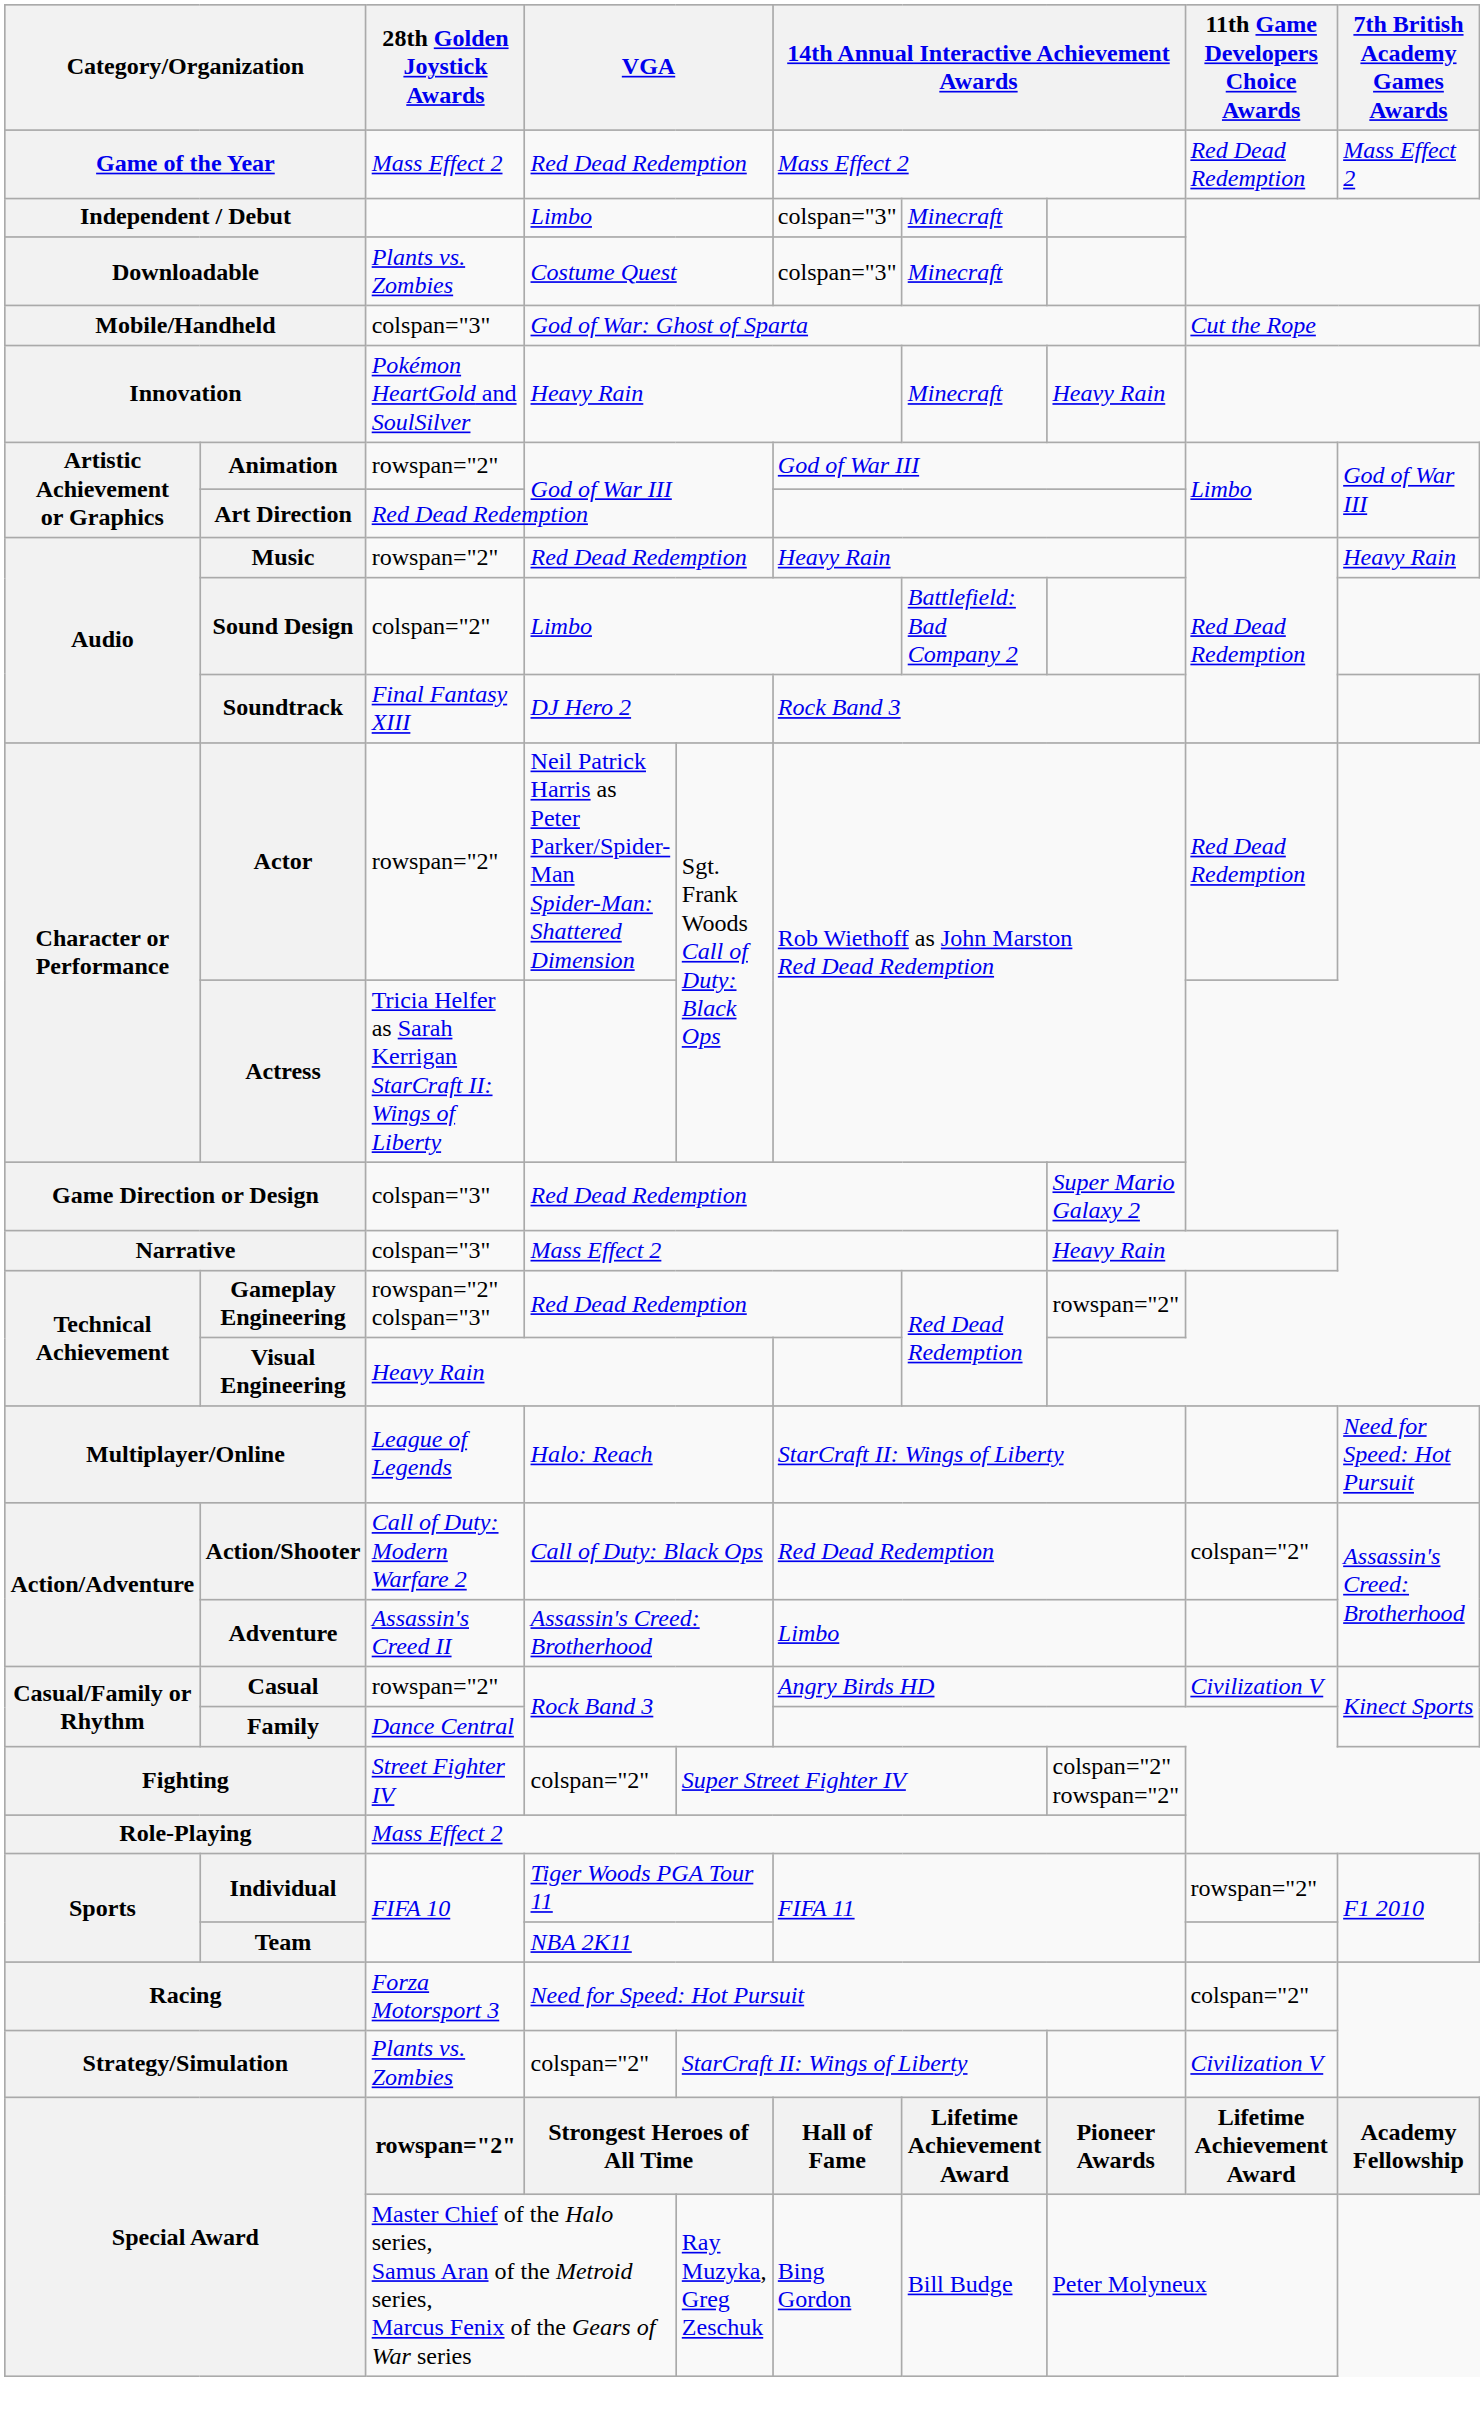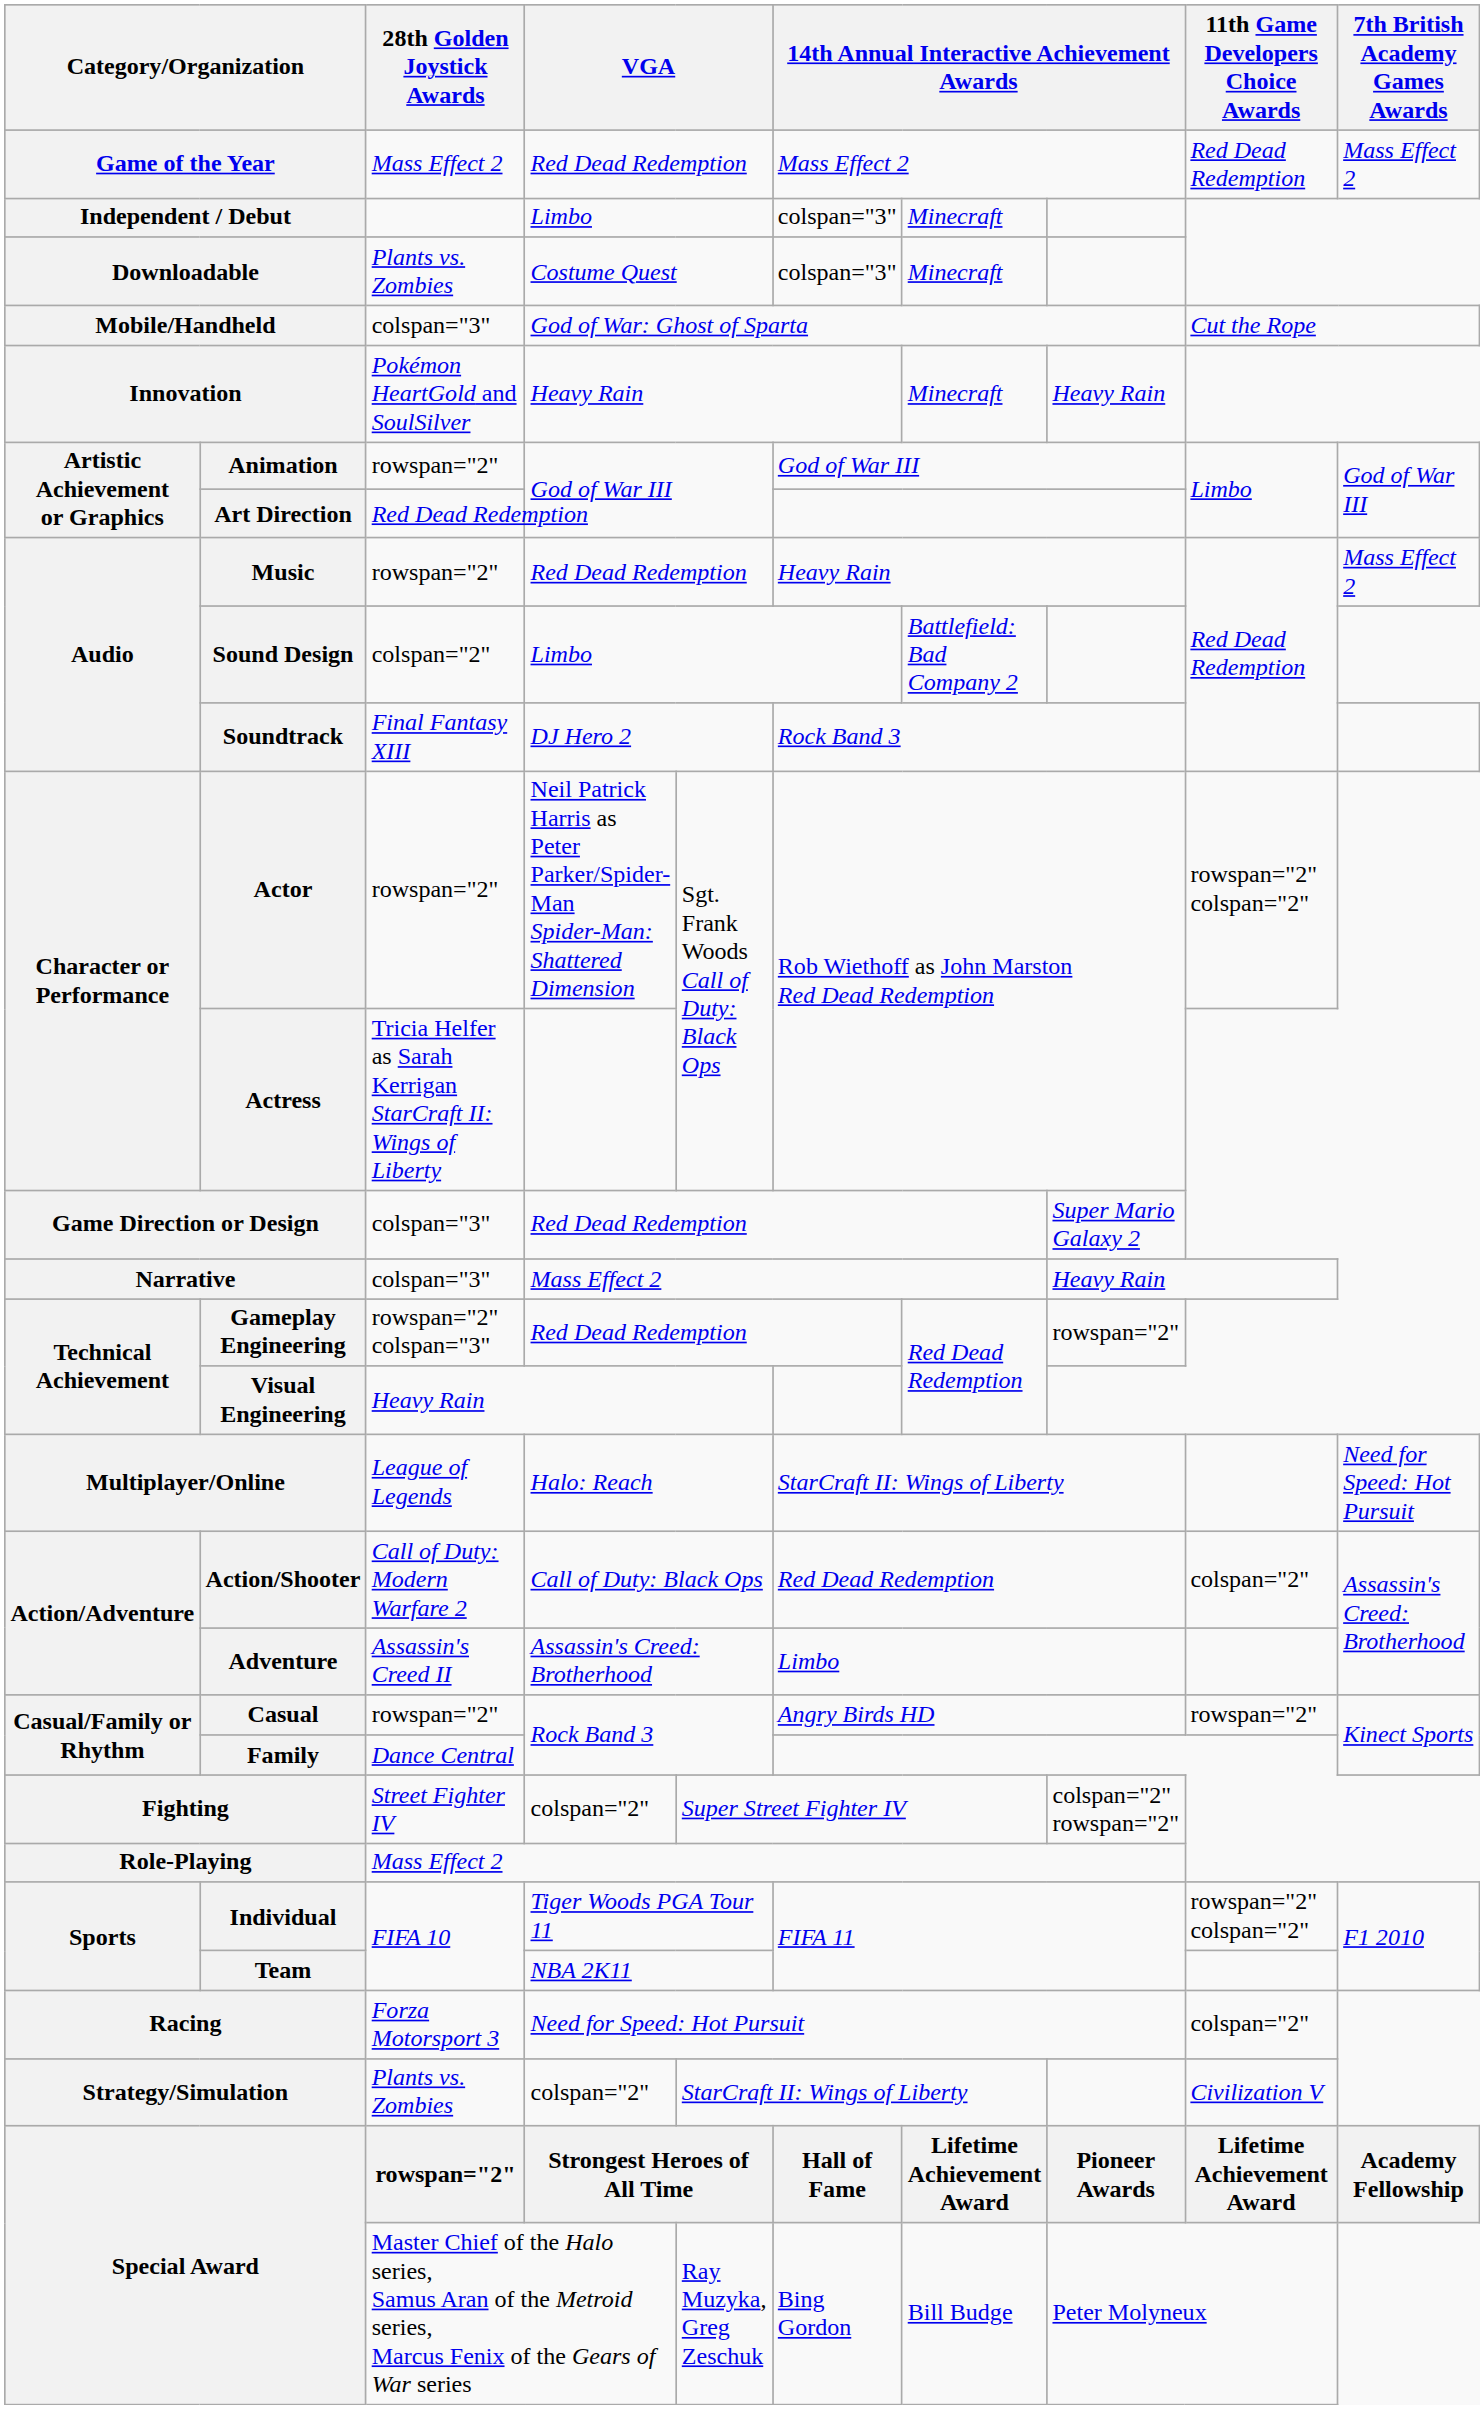 <table class="wikitable" style="border:none; margin:0; width:100%; font-size: 90%;">
 <tr>
 <th style="width:17%;" colspan="2">Category/Organization</th>
 <th style="width:16%;">28th <a href='#'>Golden Joystick Awards</a><br></th>
 <th style="width:16%;" colspan="2"><a href='#'>VGA</a><br></th>
 <th style="width:16%;" colspan="3"><a href='#'>14th Annual Interactive Achievement Awards</a><br></th>
 <th style="width:16%;">11th <a href='#'>Game Developers Choice Awards</a><br></th>
 <th style="width:16%;"><a href='#'>7th British Academy Games Awards</a><br></th>
 </tr>
 <tr>
 <th scope="row" colspan="2"><a href='#'>Game of the Year</a></th>
 <td><em><a href='#'>Mass Effect 2</a></em></td>
 <td colspan="2"><em><a href='#'>Red Dead Redemption</a></em></td>
 <td colspan="3"><em><a href='#'>Mass Effect 2</a></em></td>
 <td><em><a href='#'>Red Dead Redemption</a></em></td>
 <td><em><a href='#'>Mass Effect 2</a></em></td>
 </tr>
 <tr>
 <th scope="row" colspan="2" style="width:9%;">Independent / Debut</th>
 <td></td>
 <td colspan="2"><em><a href='#'>Limbo</a></em></td>
 <td>colspan="3" </td>
 <td><em><a href='#'>Minecraft</a></em></td>
 <td></td>
 </tr>
 <tr>
 <th scope="row" style="width:12%;" colspan="2">Downloadable</th>
 <td><em><a href='#'>Plants vs. Zombies</a></em></td>
 <td colspan="2"><em><a href='#'>Costume Quest</a></em></td>
 <td>colspan="3" </td>
 <td><em><a href='#'>Minecraft</a></em></td>
 <td></td>
 </tr>
 <tr>
 <th scope="row" colspan="2" style="width:12%;">Mobile/Handheld</th>
 <td>colspan="3" </td>
 <td colspan="5"><em><a href='#'>God of War: Ghost of Sparta</a></em></td>
 <td colspan="2"><em><a href='#'>Cut the Rope</a></em></td>
 </tr>
 <tr>
 <th scope="row" style="width:12%;" colspan="2">Innovation</th>
 <td><a href='#'><em>Pokémon HeartGold</em> and <em>SoulSilver</em></a></td>
 <td colspan="3"><em><a href='#'>Heavy Rain</a></em></td>
 <td><em><a href='#'>Minecraft</a></em></td>
 <td><em><a href='#'>Heavy Rain</a></em></td>
 </tr>
 <tr>
 <th scope="row" rowspan="2" style="width:9%;">Artistic Achievement<br>or Graphics</th>
 <th>Animation</th>
 <td>rowspan="2" </td>
 <td rowspan="2" colspan="2"><em><a href='#'>God of War III</a></em></td>
 <td colspan="3"><em><a href='#'>God of War III</a></em></td>
 <td rowspan="2"><em><a href='#'>Limbo</a></em></td>
 <td rowspan="2"><em><a href='#'>God of War III</a></em></td>
 </tr>
 <tr>
 <th scope="row">Art Direction</th>
 <td colspan="3"><em><a href='#'>Red Dead Redemption</a></em></td>
 </tr>
 <tr>
 <th scope="row" rowspan="3" style="width:12%;">Audio</th>
 <th>Music</th>
 <td>rowspan="2" </td>
 <td colspan="2"><em><a href='#'>Red Dead Redemption</a></em></td>
 <td colspan="3"><em><a href='#'>Heavy Rain</a></em></td>
 <td rowspan="3"><em><a href='#'>Red Dead Redemption</a></em></td>
-<td><em><a href='#'>Heavy Rain</a></em></td>
+<td><em><a href='#'>Mass Effect 2</a></em></td>
 </tr>
 <tr>
 <th scope="row">Sound Design</th>
 <td>colspan="2" </td>
 <td colspan="3"><em><a href='#'>Limbo</a></em></td>
 <td><em><a href='#'>Battlefield: Bad Company 2</a></em></td>
 </tr>
 <tr>
 <th scope="row">Soundtrack</th>
 <td><em><a href='#'>Final Fantasy XIII</a></em></td>
 <td colspan="2"><em><a href='#'>DJ Hero 2</a></em></td>
 <td colspan="3"><em><a href='#'>Rock Band 3</a></em></td>
 <td></td>
 </tr>
 <tr>
 <th scope="row" rowspan="2">Character or Performance</th>
 <th>Actor</th>
 <td>rowspan="2" </td>
 <td><a href='#'>Neil Patrick Harris</a> as <a href='#'>Peter Parker/Spider-Man</a><br> <em><a href='#'>Spider-Man: Shattered Dimension</a></em></td>
 <td rowspan="2">Sgt. Frank Woods<br><em><a href='#'>Call of Duty: Black Ops</a></em></td>
 <td rowspan="2" colspan="3"><a href='#'>Rob Wiethoff</a> as <a href='#'>John Marston</a><br><em><a href='#'>Red Dead Redemption</a></em></td>
-<td><em><a href='#'>Red Dead Redemption</a></em></td>
+<td>rowspan="2" colspan="2" </td>
 </tr>
 <tr>
 <th>Actress</th>
 <td><a href='#'>Tricia Helfer</a> as <a href='#'>Sarah Kerrigan</a><br><em><a href='#'>StarCraft II: Wings of Liberty</a></em></td>
 </tr>
 <tr>
 <th scope="row" colspan="2">Game Direction or Design</th>
 <td>colspan="3" </td>
 <td colspan="4"><em><a href='#'>Red Dead Redemption</a></em></td>
 <td><em><a href='#'>Super Mario Galaxy 2</a></em></td>
 </tr>
 <tr>
 <th scope="row" colspan="2">Narrative</th>
 <td>colspan="3" </td>
 <td colspan="4"><em><a href='#'>Mass Effect 2</a></em></td>
 <td colspan="2"><em><a href='#'>Heavy Rain</a></em></td>
 </tr>
 <tr>
 <th scope="row" rowspan="2">Technical Achievement</th>
 <th>Gameplay Engineering</th>
 <td>rowspan="2" colspan="3" </td>
 <td colspan="3"><em><a href='#'>Red Dead Redemption</a></em></td>
 <td rowspan="2"><em><a href='#'>Red Dead Redemption</a></em></td>
 <td>rowspan="2" </td>
 </tr>
 <tr>
 <th scope="row">Visual Engineering</th>
 <td colspan="3"><em><a href='#'>Heavy Rain</a></em></td>
 </tr>
 <tr>
 <th scope="row" colspan="2">Multiplayer/Online</th>
 <td><em><a href='#'>League of Legends</a></em></td>
 <td colspan="2"><em><a href='#'>Halo: Reach</a></em></td>
 <td colspan="3"><em><a href='#'>StarCraft II: Wings of Liberty</a></em></td>
 <td></td>
 <td><em><a href='#'>Need for Speed: Hot Pursuit</a></em></td>
 </tr>
 <tr>
 <th scope="row" rowspan="2">Action/Adventure</th>
 <th>Action/Shooter</th>
 <td><em><a href='#'>Call of Duty: Modern Warfare 2</a></em></td>
 <td colspan="2"><em><a href='#'>Call of Duty: Black Ops</a></em></td>
 <td colspan="3"><em><a href='#'>Red Dead Redemption</a></em></td>
 <td>colspan="2" </td>
 <td rowspan="2"><em><a href='#'>Assassin's Creed: Brotherhood</a></em></td>
 </tr>
 <tr>
 <th scope="row">Adventure</th>
 <td><em><a href='#'>Assassin's Creed II</a></em></td>
 <td colspan="2"><em><a href='#'>Assassin's Creed: Brotherhood</a></em></td>
 <td colspan="3"><em><a href='#'>Limbo</a></em></td>
 </tr>
 <tr>
 <th scope="row" rowspan="2">Casual/Family or Rhythm</th>
 <th>Casual</th>
 <td>rowspan="2" </td>
 <td colspan="2" rowspan="2"><em><a href='#'>Rock Band 3</a></em></td>
 <td colspan="3"><em><a href='#'>Angry Birds HD</a></em></td>
-<td><em><a href='#'>Civilization V</a></em></td>
+<td>rowspan="2" </td>
 <td rowspan="2"><em><a href='#'>Kinect Sports</a></em></td>
 </tr>
 <tr>
 <th>Family</th>
 <td colspan="3"><em><a href='#'>Dance Central</a></em></td>
 </tr>
 <tr>
 <th scope="row" colspan="2">Fighting</th>
 <td><em><a href='#'>Street Fighter IV</a></em></td>
 <td>colspan="2" </td>
 <td colspan="3"><em><a href='#'>Super Street Fighter IV</a></em></td>
 <td>colspan="2" rowspan="2" </td>
 </tr>
 <tr>
 <th scope="row" colspan="2">Role-Playing</th>
 <td colspan="6"><em><a href='#'>Mass Effect 2</a></em></td>
 </tr>
 <tr>
 <th scope="row" rowspan="2">Sports</th>
 <th>Individual</th>
 <td rowspan="2"><em><a href='#'>FIFA 10</a></em></td>
 <td colspan="2"><em><a href='#'>Tiger Woods PGA Tour 11</a></em></td>
 <td rowspan="2" colspan="3"><em><a href='#'>FIFA 11</a></em></td>
-<td>rowspan="2" </td>
+<td>rowspan="2" colspan="2" </td>
 <td rowspan="2"><em><a href='#'>F1 2010</a></em></td>
 </tr>
 <tr>
 <th>Team</th>
 <td colspan="2"><em><a href='#'>NBA 2K11</a></em></td>
 </tr>
 <tr>
 <th scope="row" colspan="2">Racing</th>
 <td><em><a href='#'>Forza Motorsport 3</a></em></td>
 <td colspan="5"><em><a href='#'>Need for Speed: Hot Pursuit</a></em></td>
 <td>colspan="2" </td>
 </tr>
 <tr>
 <th scope="row" colspan="2">Strategy/Simulation</th>
 <td><em><a href='#'>Plants vs. Zombies</a></em></td>
 <td>colspan="2" </td>
 <td colspan="3"><em><a href='#'>StarCraft II: Wings of Liberty</a></em></td>
 <td></td>
 <td><em><a href='#'>Civilization V</a></em></td>
 </tr>
 <tr>
 <th scope="row" colspan="2" rowspan="2">Special Award</th>
 <th>rowspan="2" </th>
 <th colspan="2">Strongest Heroes of All Time</th>
 <th>Hall of Fame</th>
 <th>Lifetime Achievement Award</th>
 <th>Pioneer Awards</th>
 <th>Lifetime Achievement Award</th>
 <th>Academy Fellowship</th>
 </tr>
 <tr>
 <td colspan="2"><a href='#'>Master Chief</a> of the <em>Halo</em> series,<br><a href='#'>Samus Aran</a> of the <em>Metroid</em> series,<br><a href='#'>Marcus Fenix</a> of the <em>Gears of War</em> series</td>
 <td><a href='#'>Ray Muzyka</a>,<br><a href='#'>Greg Zeschuk</a></td>
 <td><a href='#'>Bing Gordon</a></td>
 <td><a href='#'>Bill Budge</a></td>
 <td colspan="2"><a href='#'>Peter Molyneux</a></td>
 </tr>
 </table>
